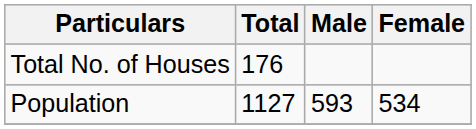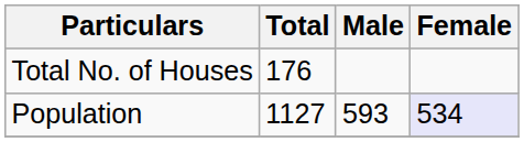 <table class="wikitable sortable">
 <tr>
 <th>Particulars</th>
 <th>Total</th>
 <th>Male</th>
 <th>Female</th>
 </tr>
 <tr>
 <td>Total No. of Houses</td>
 <td>176</td>
 <td></td>
 <td></td>
 </tr>
 <tr>
 <td>Population</td>
 <td>1127</td>
 <td>593</td>
-<td>534</td>
+<td style="background: lavender;">534</td>
 </tr>
 <tr>
 </tr>
 </table>
